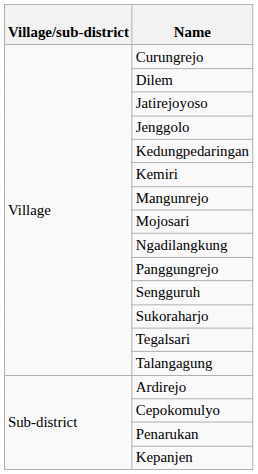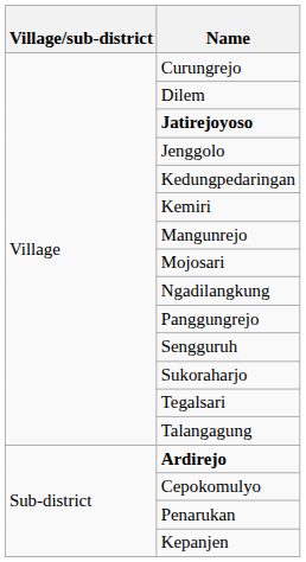 <table class="wikitable">
 <tr>
 <th><br>Village/sub-district</th>
 <th><br>Name</th>
 </tr>
 <tr>
 <td rowspan="14">Village</td>
 <td>Curungrejo</td>
 </tr>
 <tr>
 <td>Dilem</td>
 </tr>
 <tr>
-<td>Jatirejoyoso</td>
+<td><strong>Jatirejoyoso</strong></td>
 </tr>
 <tr>
 <td>Jenggolo</td>
 </tr>
 <tr>
 <td>Kedungpedaringan</td>
 </tr>
 <tr>
 <td>Kemiri</td>
 </tr>
 <tr>
 <td>Mangunrejo</td>
 </tr>
 <tr>
 <td>Mojosari</td>
 </tr>
 <tr>
 <td>Ngadilangkung</td>
 </tr>
 <tr>
 <td>Panggungrejo</td>
 </tr>
 <tr>
 <td>Sengguruh</td>
 </tr>
 <tr>
 <td>Sukoraharjo</td>
 </tr>
 <tr>
 <td>Tegalsari</td>
 </tr>
 <tr>
 <td>Talangagung</td>
 </tr>
 <tr>
 <td rowspan="4">Sub-district</td>
-<td>Ardirejo</td>
+<td><strong>Ardirejo</strong></td>
 </tr>
 <tr>
 <td>Cepokomulyo</td>
 </tr>
 <tr>
 <td>Penarukan</td>
 </tr>
 <tr>
 <td>Kepanjen</td>
 </tr>
 </table>
